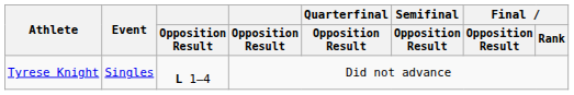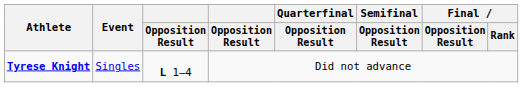 <table class=wikitable style=font-size:90%;text-align:center>
 <tr>
 <th rowspan=2>Athlete</th>
 <th rowspan=2>Event</th>
 <th></th>
 <th></th>
 <th>Quarterfinal</th>
 <th>Semifinal</th>
 <th colspan=2>Final / </th>
 </tr>
 <tr style=font-size:95%>
 <th>Opposition<br>Result</th>
 <th>Opposition<br>Result</th>
 <th>Opposition<br>Result</th>
 <th>Opposition<br>Result</th>
 <th>Opposition<br>Result</th>
 <th>Rank</th>
 </tr>
 <tr>
-<td align=left><a href='#'>Tyrese Knight</a></td>
+<td align=left><strong><a href='#'>Tyrese Knight</a></strong></td>
 <td align=left rowspan=2><a href='#'>Singles</a></td>
 <td><br><strong>L</strong> 1–4</td>
 <td colspan="5">Did not advance</td>
 </tr>
 </table>
